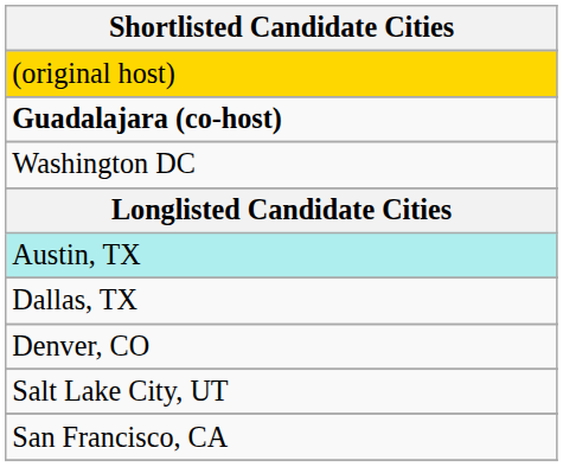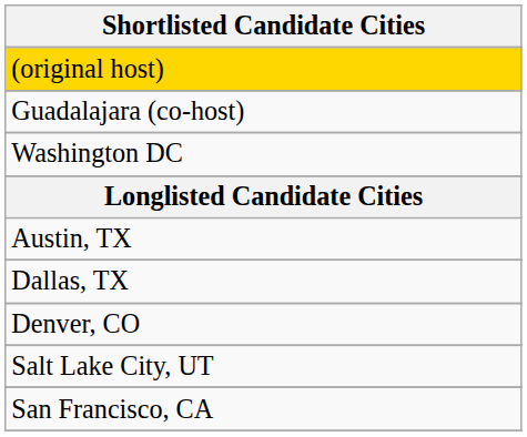 <table class="wikitable" style="width:35%">
 <tr>
 <th>Shortlisted Candidate Cities</th>
 </tr>
 <tr>
 </tr>
 <tr style="background:gold;">
 <td> (original host)</td>
 </tr>
 <tr bgcolor="#EFEFEF">
 </tr>
 <tr>
-<td><strong> Guadalajara (co-host)</strong></td>
+<td> Guadalajara (co-host)</td>
 </tr>
 <tr bgcolor="#EFEFEF">
 </tr>
 <tr>
 <td> Washington DC</td>
 </tr>
 <tr bgcolor="#EFEFEF">
 </tr>
 <tr>
 <th>Longlisted Candidate Cities</th>
 </tr>
 <tr>
-<td style="background: paleturquoise;"> Austin, TX</td>
+<td> Austin, TX</td>
 </tr>
 <tr bgcolor="#EFEFEF">
 </tr>
 <tr>
 <td> Dallas, TX</td>
 </tr>
 <tr bgcolor="#EFEFEF">
 </tr>
 <tr>
 <td> Denver, CO</td>
 </tr>
 <tr bgcolor="#EFEFEF">
 </tr>
 <tr>
 <td> Salt Lake City, UT</td>
 </tr>
 <tr bgcolor="#EFEFEF">
 </tr>
 <tr>
 <td> San Francisco, CA</td>
 </tr>
 <tr bgcolor="#EFEFEF">
 </tr>
 </table>
